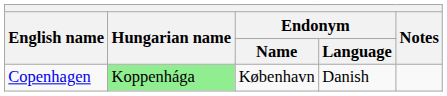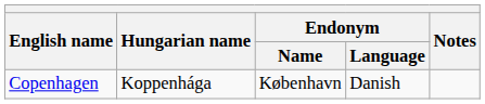 <table class="wikitable sortable">
 <tr>
 <th colspan="5"></th>
 </tr>
 <tr>
 <th rowspan="2">English name</th>
 <th rowspan="2">Hungarian name</th>
 <th colspan="2">Endonym</th>
 <th rowspan="2">Notes</th>
 </tr>
 <tr>
 <th>Name</th>
 <th>Language</th>
 </tr>
 <tr>
 <td><a href='#'>Copenhagen</a></td>
-<td style="background: lightgreen;">Koppenhága</td>
+<td>Koppenhága</td>
 <td>København</td>
 <td>Danish</td>
 <td></td>
 </tr>
 </table>
